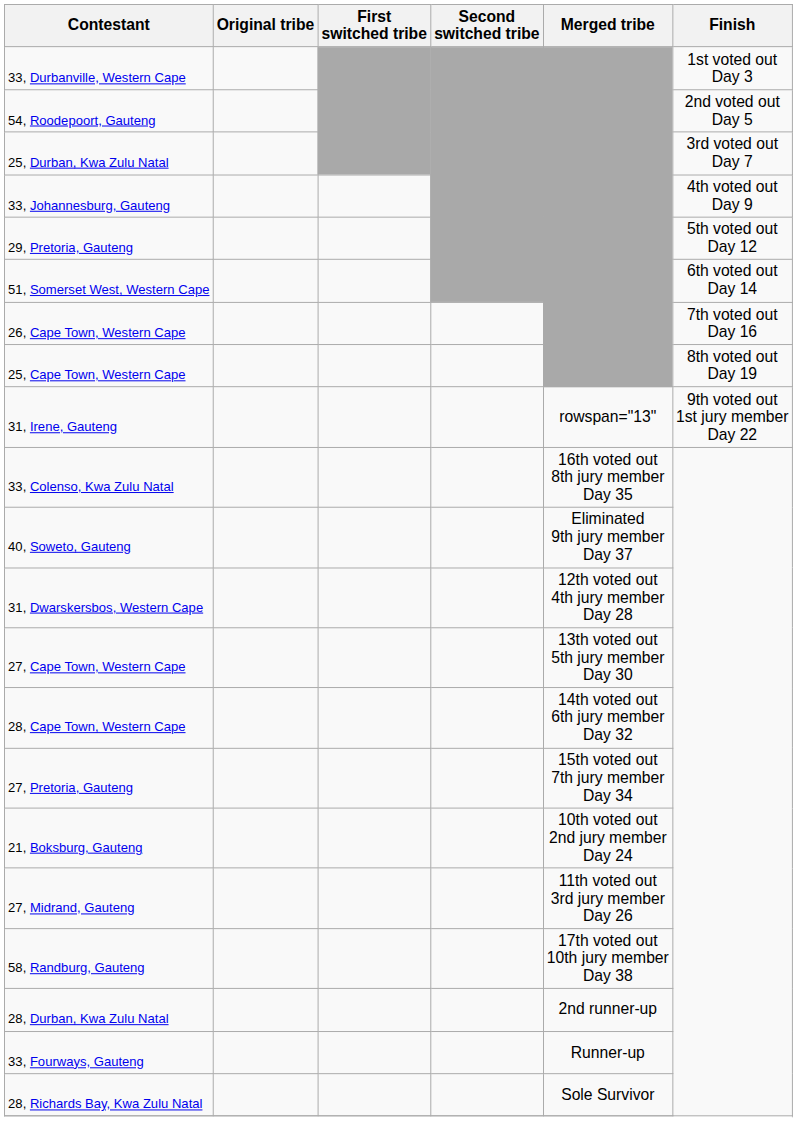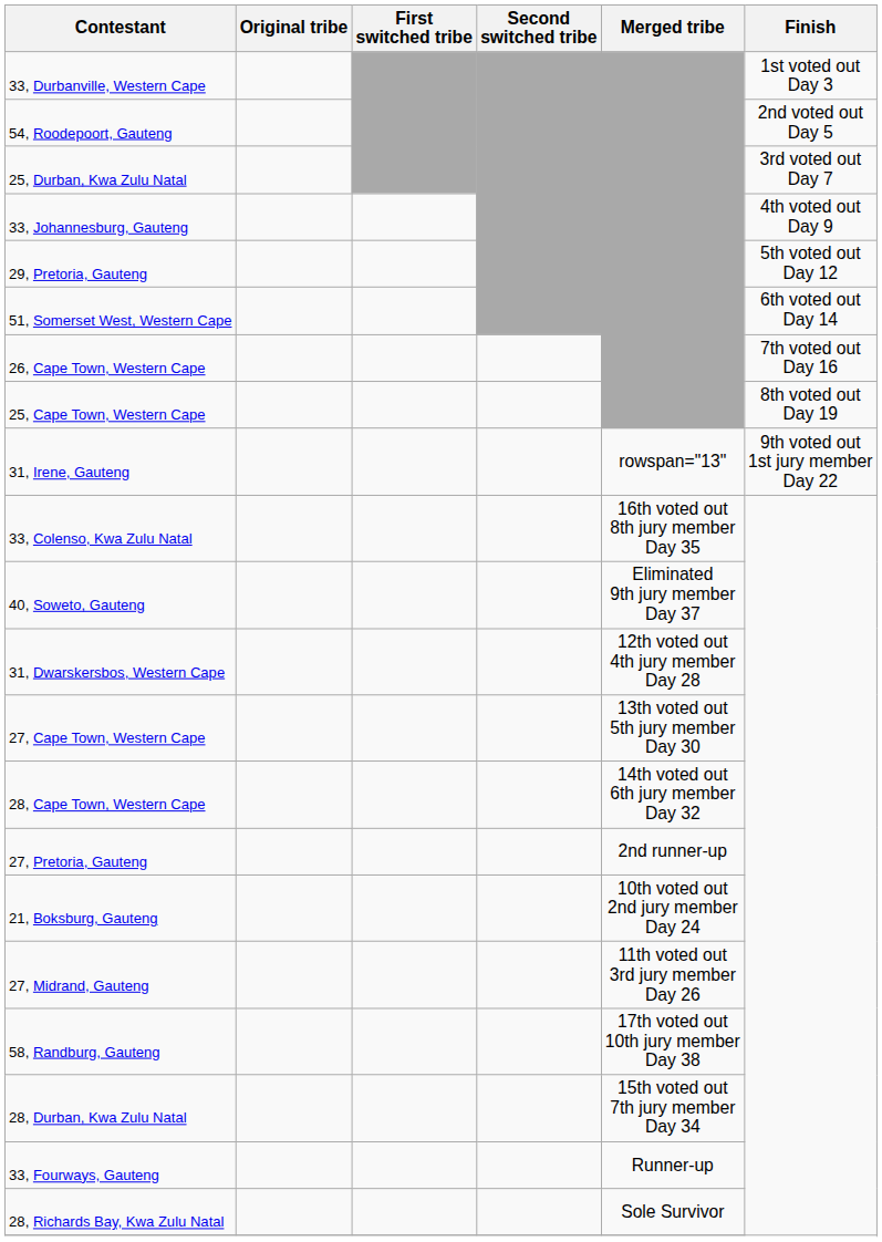 <table class="wikitable sortable" style="text-align:center;">
 <tr>
 <th>Contestant</th>
 <th>Original tribe</th>
 <th>First<br>switched tribe</th>
 <th>Second<br>switched tribe</th>
 <th>Merged tribe</th>
 <th>Finish</th>
 </tr>
 <tr>
 <td align="left"><strong></strong><br><small>33, <a href='#'>Durbanville, Western Cape</a></small></td>
 <td></td>
 <td rowspan="3" bgcolor="darkgray"></td>
 <td rowspan="6" bgcolor="darkgray"></td>
 <td rowspan="8" bgcolor="darkgray"></td>
 <td>1st voted out<br>Day 3</td>
 </tr>
 <tr>
 <td align="left"><strong></strong><br><small>54, <a href='#'>Roodepoort, Gauteng</a></small></td>
 <td></td>
 <td>2nd voted out<br>Day 5</td>
 </tr>
 <tr>
 <td align="left"><strong></strong><br><small>25, <a href='#'>Durban, Kwa Zulu Natal</a></small></td>
 <td></td>
 <td>3rd voted out<br>Day 7</td>
 </tr>
 <tr>
 <td align="left"><strong></strong><br><small>33, <a href='#'>Johannesburg, Gauteng</a></small></td>
 <td></td>
 <td></td>
 <td>4th voted out<br>Day 9</td>
 </tr>
 <tr>
 <td align="left"><strong></strong><br><small>29, <a href='#'>Pretoria, Gauteng</a></small></td>
 <td></td>
 <td></td>
 <td>5th voted out<br>Day 12</td>
 </tr>
 <tr>
 <td align="left"><strong></strong><br><small>51, <a href='#'>Somerset West, Western Cape</a></small></td>
 <td></td>
 <td></td>
 <td>6th voted out<br>Day 14</td>
 </tr>
 <tr>
 <td align="left"><strong></strong><br><small>26, <a href='#'>Cape Town, Western Cape</a></small></td>
 <td></td>
 <td></td>
 <td></td>
 <td>7th voted out<br>Day 16</td>
 </tr>
 <tr>
 <td align="left"><strong></strong><br><small>25, <a href='#'>Cape Town, Western Cape</a></small></td>
 <td></td>
 <td></td>
 <td></td>
 <td>8th voted out<br>Day 19</td>
 </tr>
 <tr>
 <td align="left"><strong></strong><br><small>31, <a href='#'>Irene, Gauteng</a></small></td>
 <td></td>
 <td></td>
 <td></td>
 <td>rowspan="13" </td>
 <td>9th voted out<br>1st jury member<br>Day 22</td>
 </tr>
 <tr>
 <td align="left"><strong></strong><br><small>33, <a href='#'>Colenso, Kwa Zulu Natal</a></small></td>
 <td></td>
 <td></td>
 <td></td>
 <td>16th voted out<br>8th jury member<br>Day 35</td>
 </tr>
 <tr>
 <td align="left"><strong></strong><br><small>40, <a href='#'>Soweto, Gauteng</a></small></td>
 <td></td>
 <td></td>
 <td></td>
 <td>Eliminated<br>9th jury member<br>Day 37</td>
 </tr>
 <tr>
 <td align="left"><strong></strong><br><small>31, <a href='#'>Dwarskersbos, Western Cape</a></small></td>
 <td></td>
 <td></td>
 <td></td>
 <td>12th voted out<br>4th jury member<br>Day 28</td>
 </tr>
 <tr>
 <td align="left"><strong></strong><br><small>27, <a href='#'>Cape Town, Western Cape</a></small></td>
 <td></td>
 <td></td>
 <td></td>
 <td>13th voted out<br>5th jury member<br>Day 30</td>
 </tr>
 <tr>
 <td align="left"><strong></strong><br><small>28, <a href='#'>Cape Town, Western Cape</a></small></td>
 <td></td>
 <td></td>
 <td></td>
 <td>14th voted out<br>6th jury member<br>Day 32</td>
 </tr>
 <tr>
 <td align="left"><strong></strong><br><small>27, <a href='#'>Pretoria, Gauteng</a></small></td>
 <td></td>
 <td></td>
 <td></td>
-<td>15th voted out<br>7th jury member<br>Day 34</td>
+<td>2nd runner-up</td>
 </tr>
 <tr>
 <td align="left"><strong></strong><br><small>21, <a href='#'>Boksburg, Gauteng</a></small></td>
 <td></td>
 <td></td>
 <td></td>
 <td>10th voted out<br>2nd jury member<br>Day 24</td>
 </tr>
 <tr>
 <td align="left"><strong></strong><br><small>27, <a href='#'>Midrand, Gauteng</a></small></td>
 <td></td>
 <td></td>
 <td></td>
 <td>11th voted out<br>3rd jury member<br>Day 26</td>
 </tr>
 <tr>
 <td align="left"><strong></strong><br><small>58, <a href='#'>Randburg, Gauteng</a></small></td>
 <td></td>
 <td></td>
 <td></td>
 <td>17th voted out<br>10th jury member<br>Day 38</td>
 </tr>
 <tr>
 <td align="left"><strong></strong><br><small>28, <a href='#'>Durban, Kwa Zulu Natal</a></small></td>
 <td></td>
 <td></td>
 <td></td>
-<td>2nd runner-up</td>
+<td>15th voted out<br>7th jury member<br>Day 34</td>
 </tr>
 <tr>
 <td align="left"><strong></strong><br><small>33, <a href='#'>Fourways, Gauteng</a></small></td>
 <td></td>
 <td></td>
 <td></td>
 <td>Runner-up</td>
 </tr>
 <tr>
 <td align="left"><strong></strong><br><small>28, <a href='#'>Richards Bay, Kwa Zulu Natal</a></small></td>
 <td></td>
 <td></td>
 <td></td>
 <td>Sole Survivor</td>
 </tr>
 <tr>
 </tr>
 </table>
